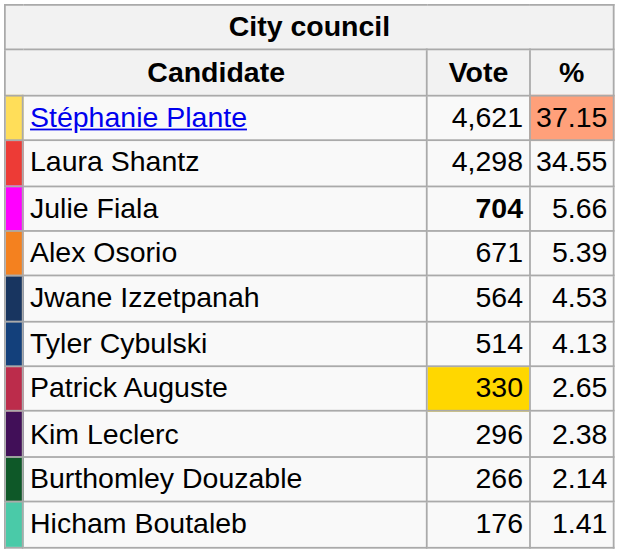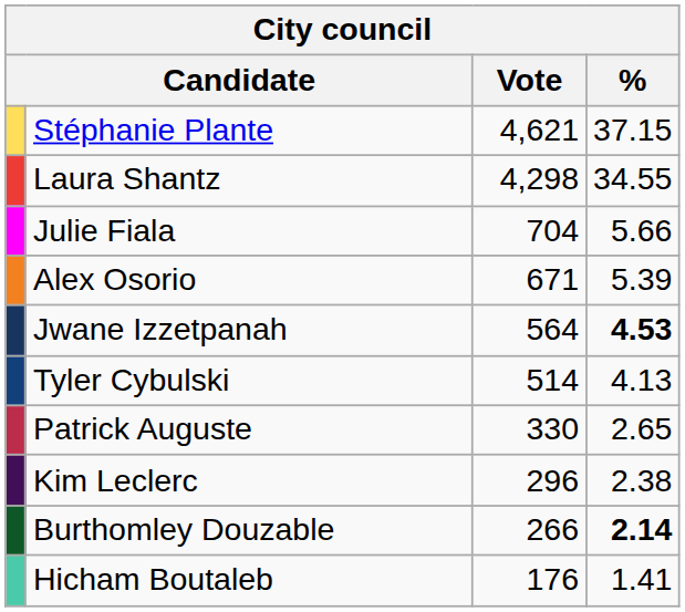 <table class="wikitable">
 <tr>
 <th colspan="4">City council</th>
 </tr>
 <tr>
 <th bgcolor="#DDDDFF" width="230px" colspan="2">Candidate</th>
 <th bgcolor="#DDDDFF" width="50px">Vote</th>
 <th bgcolor="#DDDDFF" width="30px">%</th>
 </tr>
 <tr>
 <td style="background-color:#FFDE59;"></td>
 <td style="text-align:left;"><a href='#'>Stéphanie Plante</a></td>
 <td style="text-align:right;">4,621</td>
-<td style="background: lightsalmon; text-align:right;">37.15</td>
+<td style="text-align:right;">37.15</td>
 </tr>
 <tr>
 <td style="background-color:#ED3B36;"></td>
 <td style="text-align:left;">Laura Shantz</td>
 <td style="text-align:right;">4,298</td>
 <td style="text-align:right;">34.55</td>
 </tr>
 <tr>
 <td style="background-color:#FF00FF;"></td>
 <td style="text-align:left;">Julie Fiala</td>
-<td style="text-align:right;"><strong>704</strong></td>
+<td style="text-align:right;">704</td>
 <td style="text-align:right;">5.66</td>
 </tr>
 <tr>
 <td style="background-color:#F4811F;"></td>
 <td style="text-align:left;">Alex Osorio</td>
 <td style="text-align:right;">671</td>
 <td style="text-align:right;">5.39</td>
 </tr>
 <tr>
 <td style="background-color:#183560;"></td>
 <td style="text-align:left;">Jwane Izzetpanah</td>
 <td style="text-align:right;">564</td>
-<td style="text-align:right;">4.53</td>
+<td style="text-align:right;"><strong>4.53</strong></td>
 </tr>
 <tr>
 <td style="background-color:#13407B;"></td>
 <td style="text-align:left;">Tyler Cybulski</td>
 <td style="text-align:right;">514</td>
 <td style="text-align:right;">4.13</td>
 </tr>
 <tr>
 <td style="background-color:#bc2c4b;"></td>
 <td style="text-align:left;">Patrick Auguste</td>
-<td style="background: gold; text-align:right;">330</td>
+<td style="text-align:right;">330</td>
 <td style="text-align:right;">2.65</td>
 </tr>
 <tr>
 <td style="background-color:#410f58;"></td>
 <td style="text-align:left;">Kim Leclerc</td>
 <td style="text-align:right;">296</td>
 <td style="text-align:right;">2.38</td>
 </tr>
 <tr>
 <td style="background-color:#0e5828;"></td>
 <td style="text-align:left;">Burthomley Douzable</td>
 <td style="text-align:right;">266</td>
-<td style="text-align:right;">2.14</td>
+<td style="text-align:right;"><strong>2.14</strong></td>
 </tr>
 <tr>
 <td style="background-color:#4ACAA8;"></td>
 <td style="text-align:left;">Hicham Boutaleb</td>
 <td style="text-align:right;">176</td>
 <td style="text-align:right;">1.41</td>
 </tr>
 </table>
